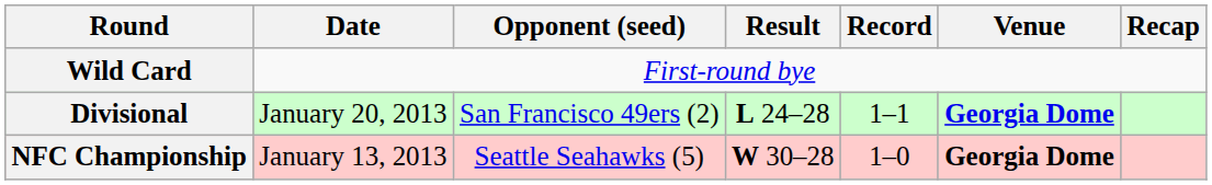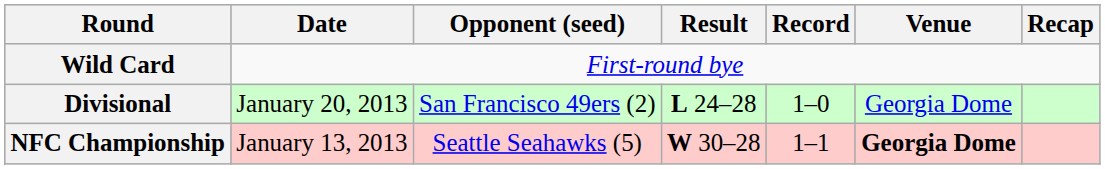 <table class="wikitable" style="text-align:center">
 <tr>
 <th>Round</th>
 <th>Date</th>
 <th>Opponent (seed)</th>
 <th>Result</th>
 <th>Record</th>
 <th>Venue</th>
 <th>Recap</th>
 </tr>
 <tr>
 <th>Wild Card</th>
 <td colspan="8" align="center"><em><a href='#'>First-round bye</a></em></td>
 </tr>
 <tr style="background:#cfc; text-align:center;">
 <th>Divisional</th>
 <td>January 20, 2013</td>
 <td><a href='#'>San Francisco 49ers</a> (2)</td>
 <td><strong>L</strong> 24–28</td>
-<td>1–1</td>
-<td><strong><a href='#'>Georgia Dome</a></strong></td>
+<td>1–0</td>
+<td><a href='#'>Georgia Dome</a></td>
 <td></td>
 </tr>
 <tr style="background:#fcc; text-align:center;">
 <th>NFC Championship</th>
 <td>January 13, 2013</td>
 <td><a href='#'>Seattle Seahawks</a> (5)</td>
 <td><strong>W</strong> 30–28</td>
-<td>1–0</td>
+<td>1–1</td>
 <td><strong>Georgia Dome</strong></td>
 <td></td>
 </tr>
 </table>
